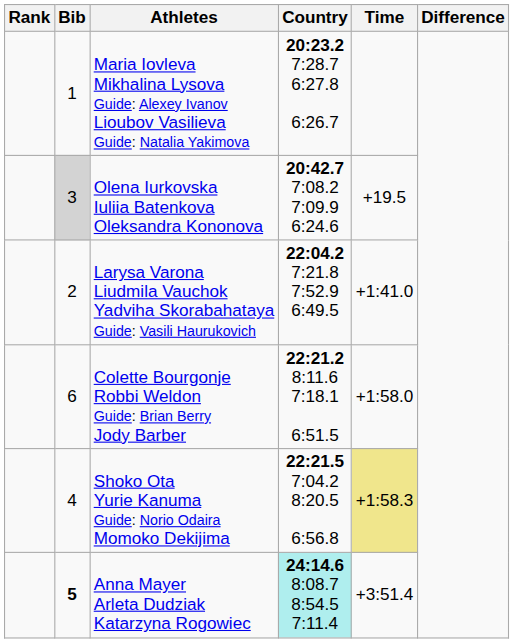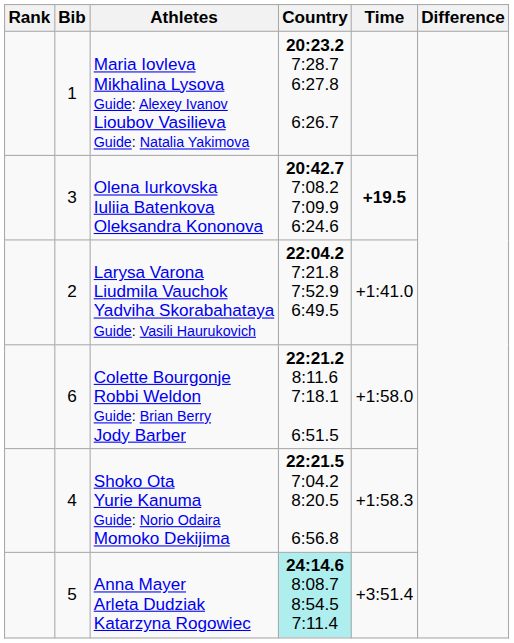 <table class="wikitable sortable" style="text-align:center">
 <tr>
 <th>Rank</th>
 <th>Bib</th>
 <th>Athletes</th>
 <th>Country</th>
 <th>Time</th>
 <th>Difference</th>
 </tr>
 <tr>
 <td></td>
 <td>1</td>
 <td align=left><br><a href='#'>Maria Iovleva</a><br><a href='#'>Mikhalina Lysova</a><br><small><a href='#'>Guide</a>: <a href='#'>Alexey Ivanov</a></small><br><a href='#'>Lioubov Vasilieva</a><br><small><a href='#'>Guide</a>: <a href='#'>Natalia Yakimova</a></small></td>
 <td><strong>20:23.2</strong><br>7:28.7<br>6:27.8<br><br>6:26.7<br><br></td>
 <td></td>
 </tr>
 <tr>
 <td></td>
-<td style="background: lightgrey;">3</td>
+<td>3</td>
 <td align=left><br><a href='#'>Olena Iurkovska</a><br><a href='#'>Iuliia Batenkova</a><br><a href='#'>Oleksandra Kononova</a></td>
 <td><strong>20:42.7</strong><br>7:08.2<br>7:09.9<br>6:24.6</td>
-<td>+19.5</td>
+<td><strong>+19.5</strong></td>
 </tr>
 <tr>
 <td></td>
 <td>2</td>
 <td align=left><br><a href='#'>Larysa Varona</a><br><a href='#'>Liudmila Vauchok</a><br><a href='#'>Yadviha Skorabahataya</a><br><small><a href='#'>Guide</a>: <a href='#'>Vasili Haurukovich</a></small></td>
 <td><strong>22:04.2</strong><br>7:21.8<br>7:52.9<br>6:49.5<br><br></td>
 <td>+1:41.0</td>
 </tr>
 <tr>
 <td></td>
 <td>6</td>
 <td align=left><br><a href='#'>Colette Bourgonje</a><br><a href='#'>Robbi Weldon</a><br><small><a href='#'>Guide</a>: <a href='#'>Brian Berry</a></small><br><a href='#'>Jody Barber</a></td>
 <td><strong>22:21.2</strong><br>8:11.6<br>7:18.1<br><br>6:51.5</td>
 <td>+1:58.0</td>
 </tr>
 <tr>
 <td></td>
 <td>4</td>
 <td align=left><br><a href='#'>Shoko Ota</a><br><a href='#'>Yurie Kanuma</a><br><small><a href='#'>Guide</a>: <a href='#'>Norio Odaira</a></small><br><a href='#'>Momoko Dekijima</a></td>
 <td><strong>22:21.5</strong><br>7:04.2<br>8:20.5<br><br>6:56.8</td>
-<td style="background: khaki;">+1:58.3</td>
+<td>+1:58.3</td>
 </tr>
 <tr>
 <td></td>
-<td><strong>5</strong></td>
+<td>5</td>
 <td align=left><br><a href='#'>Anna Mayer</a><br><a href='#'>Arleta Dudziak</a><br><a href='#'>Katarzyna Rogowiec</a></td>
 <td style="background: paleturquoise;"><strong>24:14.6</strong><br>8:08.7<br>8:54.5<br>7:11.4</td>
 <td>+3:51.4</td>
 </tr>
 </table>
